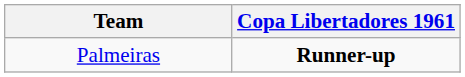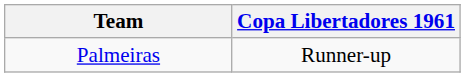 <table class="wikitable">
 <tr>
 <th width= 50%>Team</th>
 <th width= 50%><a href='#'>Copa Libertadores 1961</a></th>
 </tr>
 <tr align="center">
 <td><a href='#'>Palmeiras</a></td>
-<td><strong>Runner-up</strong></td>
+<td>Runner-up</td>
 </tr>
 </table>
